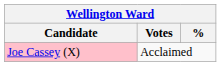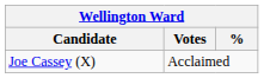 <table class="wikitable">
 <tr>
 <th colspan="3"><a href='#'>Wellington Ward</a></th>
 </tr>
 <tr>
 <th style="width: 170px">Candidate</th>
 <th style="width: 50px">Votes</th>
 <th style="width: 40px">%</th>
 </tr>
 <tr>
-<td style="background: pink;"><a href='#'>Joe Cassey</a> (X)</td>
+<td><a href='#'>Joe Cassey</a> (X)</td>
 <td colspan="2">Acclaimed</td>
 </tr>
 </table>
